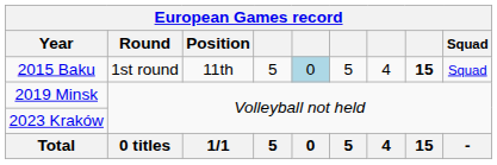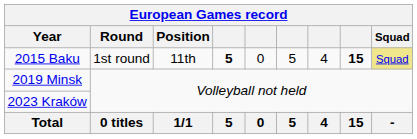 <table class="wikitable" style="text-align: center;">
 <tr>
 <th colspan=9><a href='#'>European Games record</a></th>
 </tr>
 <tr>
 <th>Year</th>
 <th>Round</th>
 <th>Position</th>
 <th width=30></th>
 <th width=30></th>
 <th width=30></th>
 <th width=30></th>
 <th width=30></th>
 <th><small>Squad</small></th>
 </tr>
 <tr>
 <td> <a href='#'>2015 Baku</a></td>
 <td>1st round</td>
 <td>11th</td>
-<td>5</td>
-<td style="background: lightblue;">0</td>
+<td><strong>5</strong></td>
+<td>0</td>
 <td>5</td>
 <td>4</td>
 <td><strong>15</strong></td>
-<td><small><a href='#'>Squad</a></small></td>
+<td style="background: khaki;"><small><a href='#'>Squad</a></small></td>
 </tr>
 <tr>
 <td> <a href='#'>2019 Minsk</a></td>
 <td colspan="8" rowspan="2"><em>Volleyball not held</em></td>
 </tr>
 <tr>
 <td> <a href='#'>2023 Kraków</a></td>
 </tr>
 <tr>
 <th>Total</th>
 <th>0 titles</th>
 <th>1/1</th>
 <th>5</th>
 <th>0</th>
 <th>5</th>
 <th>4</th>
 <th>15</th>
 <th>-</th>
 </tr>
 </table>
